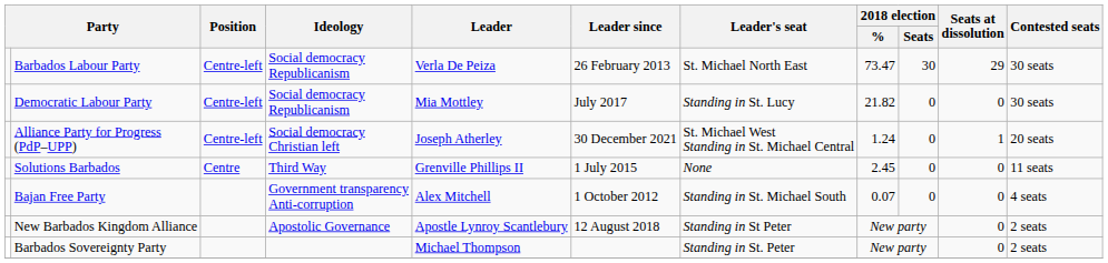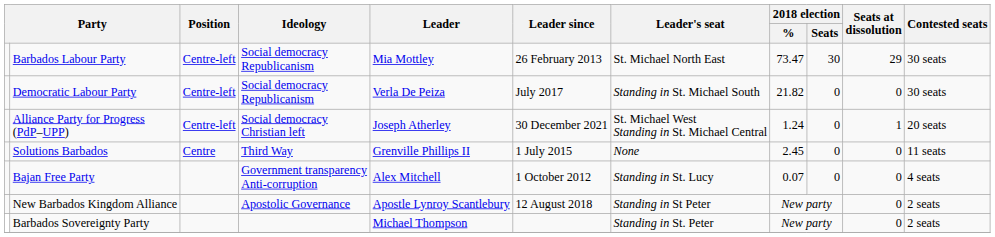 <table class="wikitable sortable">
 <tr>
 <th colspan=2 rowspan=2>Party</th>
 <th rowspan=2>Position</th>
 <th rowspan=2>Ideology</th>
 <th rowspan=2>Leader</th>
 <th rowspan=2>Leader since</th>
 <th rowspan=2>Leader's seat</th>
 <th colspan=2>2018 election</th>
 <th rowspan=2>Seats at<br>dissolution</th>
 <th rowspan=2>Contested seats</th>
 </tr>
 <tr>
 <th>%</th>
 <th>Seats</th>
 </tr>
 <tr>
 <td></td>
 <td><a href='#'>Barbados Labour Party</a></td>
 <td><a href='#'>Centre-left</a></td>
 <td><a href='#'>Social democracy</a><br><a href='#'>Republicanism</a></td>
-<td><a href='#'>Verla De Peiza</a></td>
+<td><a href='#'>Mia Mottley</a></td>
 <td>26 February 2013</td>
 <td style="white-space:nowrap;">St. Michael North East</td>
 <td align=right>73.47</td>
 <td align=right>30</td>
 <td align=right>29</td>
 <td>30 seats</td>
 </tr>
 <tr>
 <td bgcolor=></td>
 <td><a href='#'>Democratic Labour Party</a></td>
 <td><a href='#'>Centre-left</a></td>
 <td><a href='#'>Social democracy</a><br><a href='#'>Republicanism</a></td>
-<td><a href='#'>Mia Mottley</a></td>
+<td><a href='#'>Verla De Peiza</a></td>
 <td>July 2017</td>
-<td><em>Standing in</em> St. Lucy</td>
+<td><em>Standing in</em> St. Michael South</td>
 <td align=right>21.82</td>
 <td align=right>0</td>
 <td align=right>0</td>
 <td>30 seats</td>
 </tr>
 <tr>
 <td bgcolor=></td>
 <td><a href='#'>Alliance Party for Progress</a><br>(<a href='#'>PdP</a>–<a href='#'>UPP</a>)</td>
 <td><a href='#'>Centre-left</a></td>
 <td><a href='#'>Social democracy</a><br><a href='#'>Christian left</a></td>
 <td><a href='#'>Joseph Atherley</a></td>
 <td>30 December 2021</td>
 <td>St. Michael West <br> <em>Standing in</em> St. Michael Central</td>
 <td align=right>1.24</td>
 <td align=right>0</td>
 <td align=right>1</td>
 <td>20 seats</td>
 </tr>
 <tr>
 <td bgcolor=></td>
 <td><a href='#'>Solutions Barbados</a></td>
 <td><a href='#'>Centre</a></td>
 <td><a href='#'>Third Way</a></td>
 <td><a href='#'>Grenville Phillips II</a></td>
 <td>1 July 2015</td>
 <td><em>None</em></td>
 <td align=right>2.45</td>
 <td align=right>0</td>
 <td align=right>0</td>
 <td>11 seats</td>
 </tr>
 <tr>
 <td bgcolor=></td>
 <td><a href='#'>Bajan Free Party</a></td>
 <td></td>
 <td><a href='#'>Government transparency</a><br><a href='#'>Anti-corruption</a></td>
 <td><a href='#'>Alex Mitchell</a></td>
 <td>1 October 2012</td>
-<td><em>Standing in</em> St. Michael South</td>
+<td><em>Standing in</em> St. Lucy</td>
 <td align=right>0.07</td>
 <td align=right>0</td>
 <td align=right>0</td>
 <td>4 seats</td>
 </tr>
 <tr>
 <td bgcolor=></td>
 <td>New Barbados Kingdom Alliance</td>
 <td></td>
 <td><a href='#'>Apostolic Governance</a></td>
 <td><a href='#'>Apostle Lynroy Scantlebury</a></td>
 <td style="white-space:nowrap;">12 August 2018</td>
 <td><em>Standing in</em> St Peter</td>
 <td colspan=2 align=center><em>New party</em></td>
 <td align=right>0</td>
 <td>2 seats</td>
 </tr>
 <tr>
 <td bgcolor=white></td>
 <td>Barbados Sovereignty Party</td>
 <td></td>
 <td></td>
 <td><a href='#'>Michael Thompson</a></td>
 <td></td>
 <td><em>Standing in</em> St. Peter</td>
 <td colspan=2 align=center><em>New party</em></td>
 <td align=right>0</td>
 <td>2 seats</td>
 </tr>
 <tr>
 </tr>
 </table>
